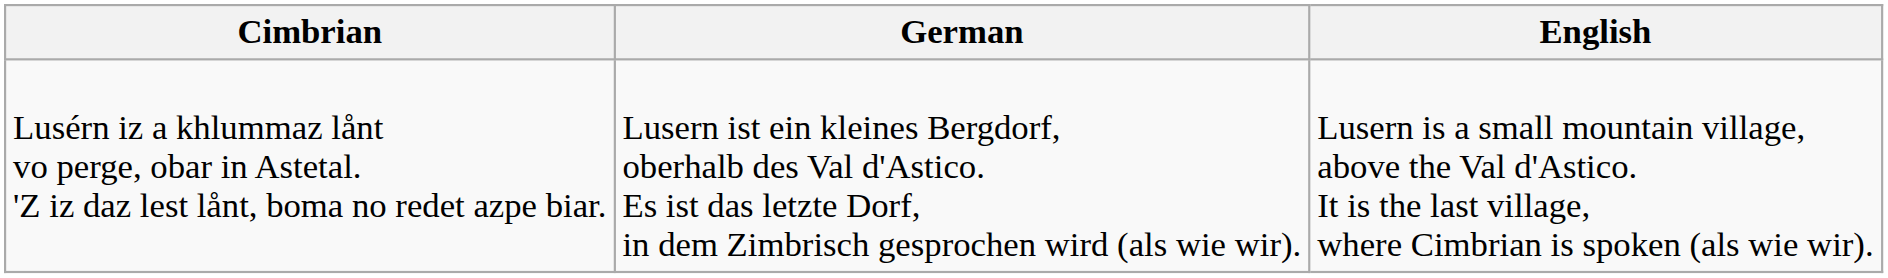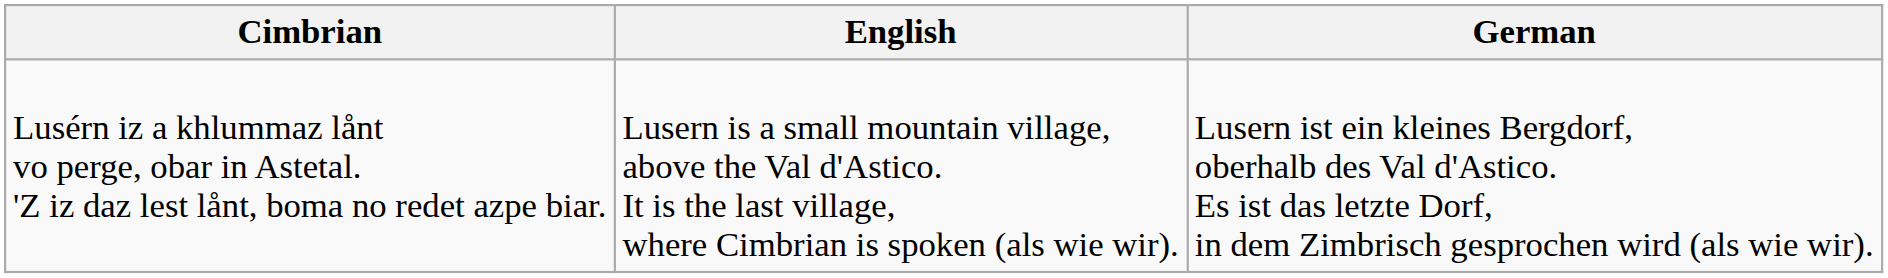 <table class="wikitable">
 <tr>
 <th>Cimbrian</th>
+<th>English</th>
 <th>German</th>
-<th>English</th>
 </tr>
 <tr>
 <td><br>Lusérn iz a khlummaz lånt<br> vo perge, obar in Astetal.<br> 'Z iz daz lest lånt,  boma no redet azpe biar.<br> <br></td>
+<td><br>Lusern is a small mountain village,<br> above the Val d'Astico.<br> It is the last village,<br> where Cimbrian is spoken (als wie wir).<br></td>
 <td><br>Lusern ist ein kleines Bergdorf,<br> oberhalb des Val d'Astico.<br> Es ist das letzte Dorf,<br> in dem Zimbrisch gesprochen wird (als wie wir).<br></td>
-<td><br>Lusern is a small mountain village,<br> above the Val d'Astico.<br> It is the last village,<br> where Cimbrian is spoken (als wie wir).<br></td>
 </tr>
 </table>
